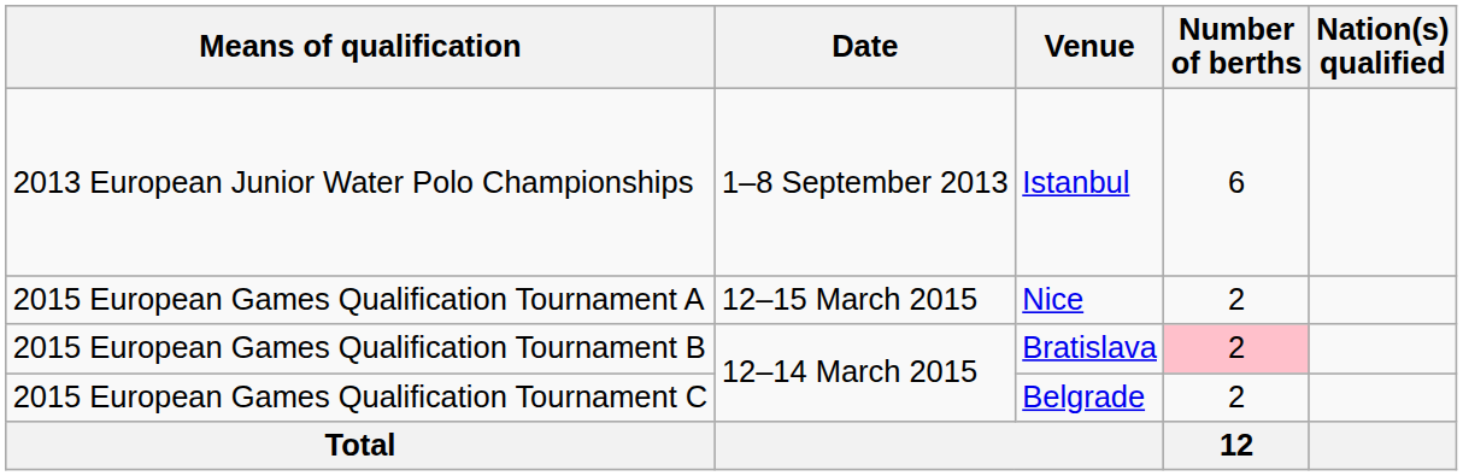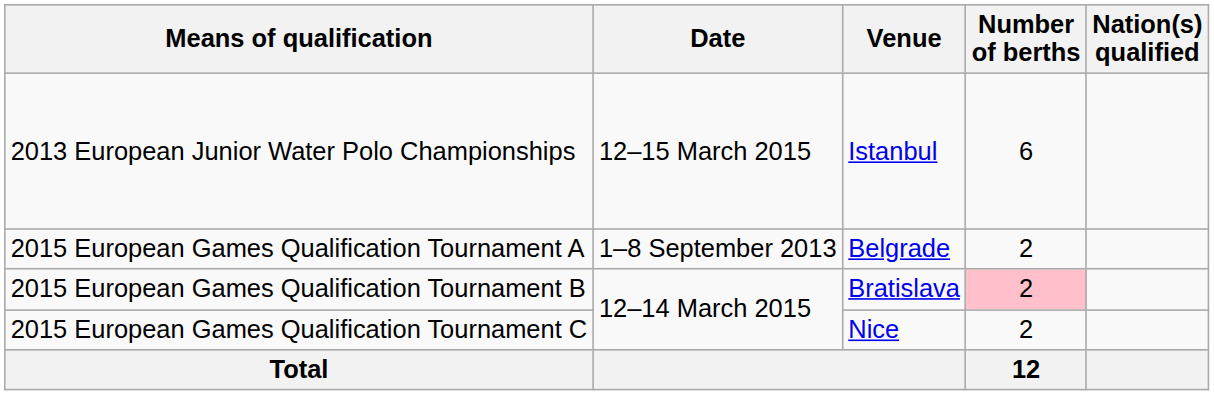 <table class="wikitable">
 <tr>
 <th>Means of qualification</th>
 <th>Date</th>
 <th>Venue</th>
 <th>Number<br>of berths</th>
 <th>Nation(s)<br>qualified</th>
 </tr>
 <tr>
 <td>2013 European Junior Water Polo Championships</td>
-<td>1–8 September 2013</td>
+<td>12–15 March 2015</td>
 <td> <a href='#'>Istanbul</a></td>
 <td align="center">6</td>
 <td><br><br><br><br><br></td>
 </tr>
 <tr>
 <td>2015 European Games Qualification Tournament A</td>
-<td>12–15 March 2015</td>
-<td> <a href='#'>Nice</a></td>
+<td>1–8 September 2013</td>
+<td> <a href='#'>Belgrade</a></td>
 <td align="center">2</td>
 <td><br></td>
 </tr>
 <tr>
 <td>2015 European Games Qualification Tournament B</td>
 <td rowspan=2>12–14 March 2015</td>
 <td> <a href='#'>Bratislava</a></td>
 <td align="center" style="background: pink;">2</td>
 <td><br></td>
 </tr>
 <tr>
 <td>2015 European Games Qualification Tournament C</td>
-<td> <a href='#'>Belgrade</a></td>
+<td> <a href='#'>Nice</a></td>
 <td align="center">2</td>
 <td><br></td>
 </tr>
 <tr>
 <th>Total</th>
 <th colspan="2"></th>
 <th>12</th>
 <th></th>
 </tr>
 </table>
